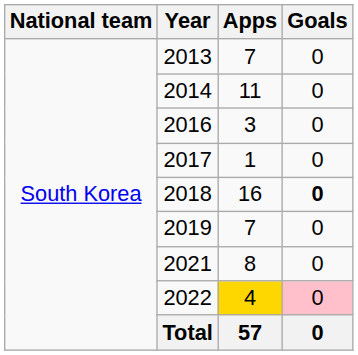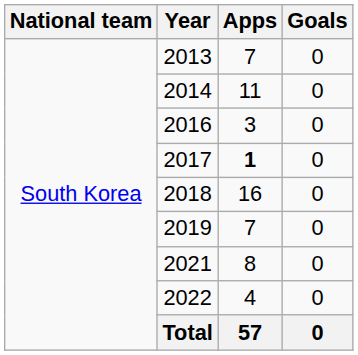 <table class="wikitable" style="text-align: center">
 <tr>
 <th>National team</th>
 <th>Year</th>
 <th>Apps</th>
 <th>Goals</th>
 </tr>
 <tr>
 <td rowspan=9><a href='#'>South Korea</a></td>
 <td>2013</td>
 <td>7</td>
 <td>0</td>
 </tr>
 <tr>
 <td>2014</td>
 <td>11</td>
 <td>0</td>
 </tr>
 <tr>
 <td>2016</td>
 <td>3</td>
 <td>0</td>
 </tr>
 <tr>
 <td>2017</td>
-<td>1</td>
+<td><strong>1</strong></td>
 <td>0</td>
 </tr>
 <tr>
 <td>2018</td>
 <td>16</td>
-<td><strong>0</strong></td>
+<td>0</td>
 </tr>
 <tr>
 <td>2019</td>
 <td>7</td>
 <td>0</td>
 </tr>
 <tr>
 <td>2021</td>
 <td>8</td>
 <td>0</td>
 </tr>
 <tr>
 <td>2022</td>
-<td style="background: gold;">4</td>
-<td style="background: pink;">0</td>
+<td>4</td>
+<td>0</td>
 </tr>
 <tr>
 <th>Total</th>
 <th>57</th>
 <th>0</th>
 </tr>
 </table>
